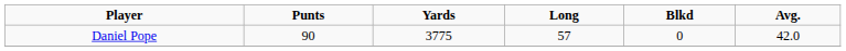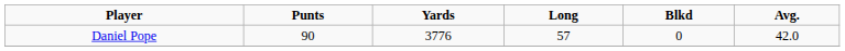 <table class="wikitable" width="80%">
 <tr align="center">
 <td><strong>Player</strong></td>
 <td><strong>Punts</strong></td>
 <td><strong>Yards</strong></td>
 <td><strong>Long</strong></td>
 <td><strong>Blkd</strong></td>
 <td><strong>Avg.</strong></td>
 </tr>
 <tr align="center" bgcolor="">
 <td><a href='#'>Daniel Pope</a></td>
 <td>90</td>
-<td>3775</td>
+<td>3776</td>
 <td>57</td>
 <td>0</td>
 <td>42.0</td>
 </tr>
 <tr align="center" bgcolor="">
 </tr>
 </table>
